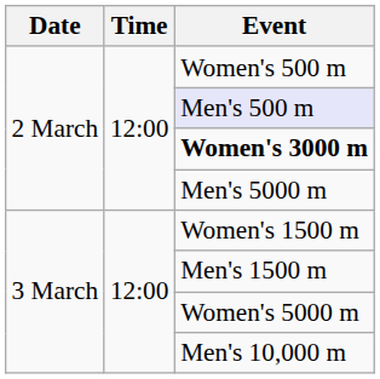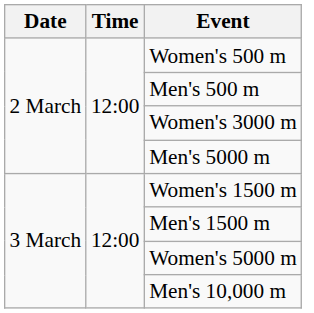 <table class="wikitable">
 <tr>
 <th>Date</th>
 <th>Time</th>
 <th>Event</th>
 </tr>
 <tr>
 <td rowspan=4>2 March</td>
 <td rowspan=4>12:00</td>
 <td>Women's 500 m</td>
 </tr>
 <tr>
-<td style="background: lavender;">Men's 500 m</td>
+<td>Men's 500 m</td>
 </tr>
 <tr>
-<td><strong>Women's 3000 m</strong></td>
+<td>Women's 3000 m</td>
 </tr>
 <tr>
 <td>Men's 5000 m</td>
 </tr>
 <tr>
 <td rowspan=4>3 March</td>
 <td rowspan=4>12:00</td>
 <td>Women's 1500 m</td>
 </tr>
 <tr>
 <td>Men's 1500 m</td>
 </tr>
 <tr>
 <td>Women's 5000 m</td>
 </tr>
 <tr>
 <td>Men's 10,000 m</td>
 </tr>
 </table>
